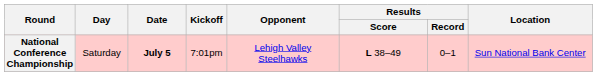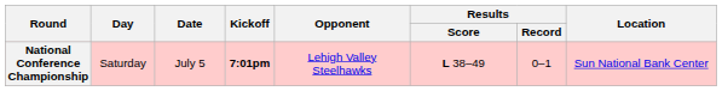 <table class="wikitable">
 <tr>
 <th rowspan="2" width="40">Round</th>
 <th rowspan="2" width="80">Day</th>
 <th rowspan="2" width="90">Date</th>
 <th rowspan="2" width="60">Kickoff</th>
 <th rowspan="2" width="180">Opponent</th>
 <th colspan="2" width="200">Results</th>
 <th rowspan="2" width="200">Location</th>
 </tr>
 <tr>
 <th width="140">Score</th>
 <th width="60">Record</th>
 </tr>
 <tr align="center" bgcolor="#FFCCCC">
 <th>National Conference Championship</th>
 <td>Saturday</td>
-<td><strong>July 5</strong></td>
-<td>7:01pm</td>
+<td>July 5</td>
+<td><strong>7:01pm</strong></td>
 <td><a href='#'>Lehigh Valley Steelhawks</a></td>
 <td><strong>L</strong> 38–49</td>
 <td>0–1</td>
 <td><a href='#'>Sun National Bank Center</a></td>
 </tr>
 </table>
